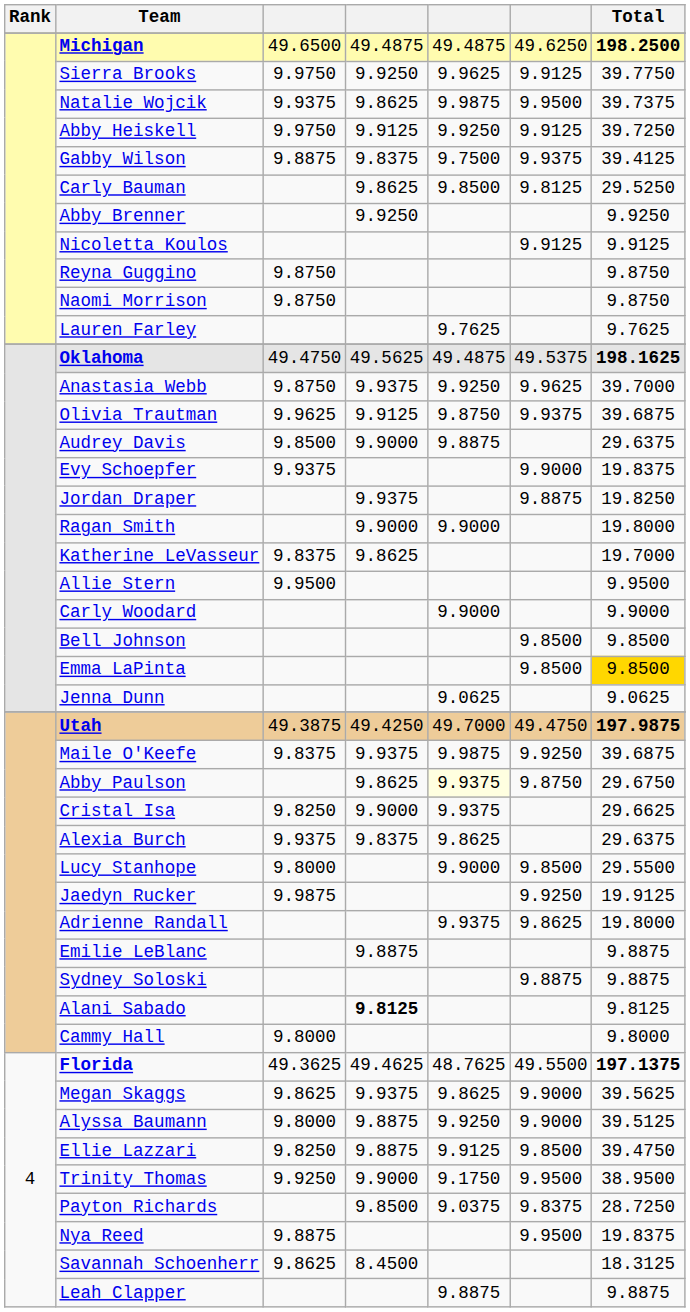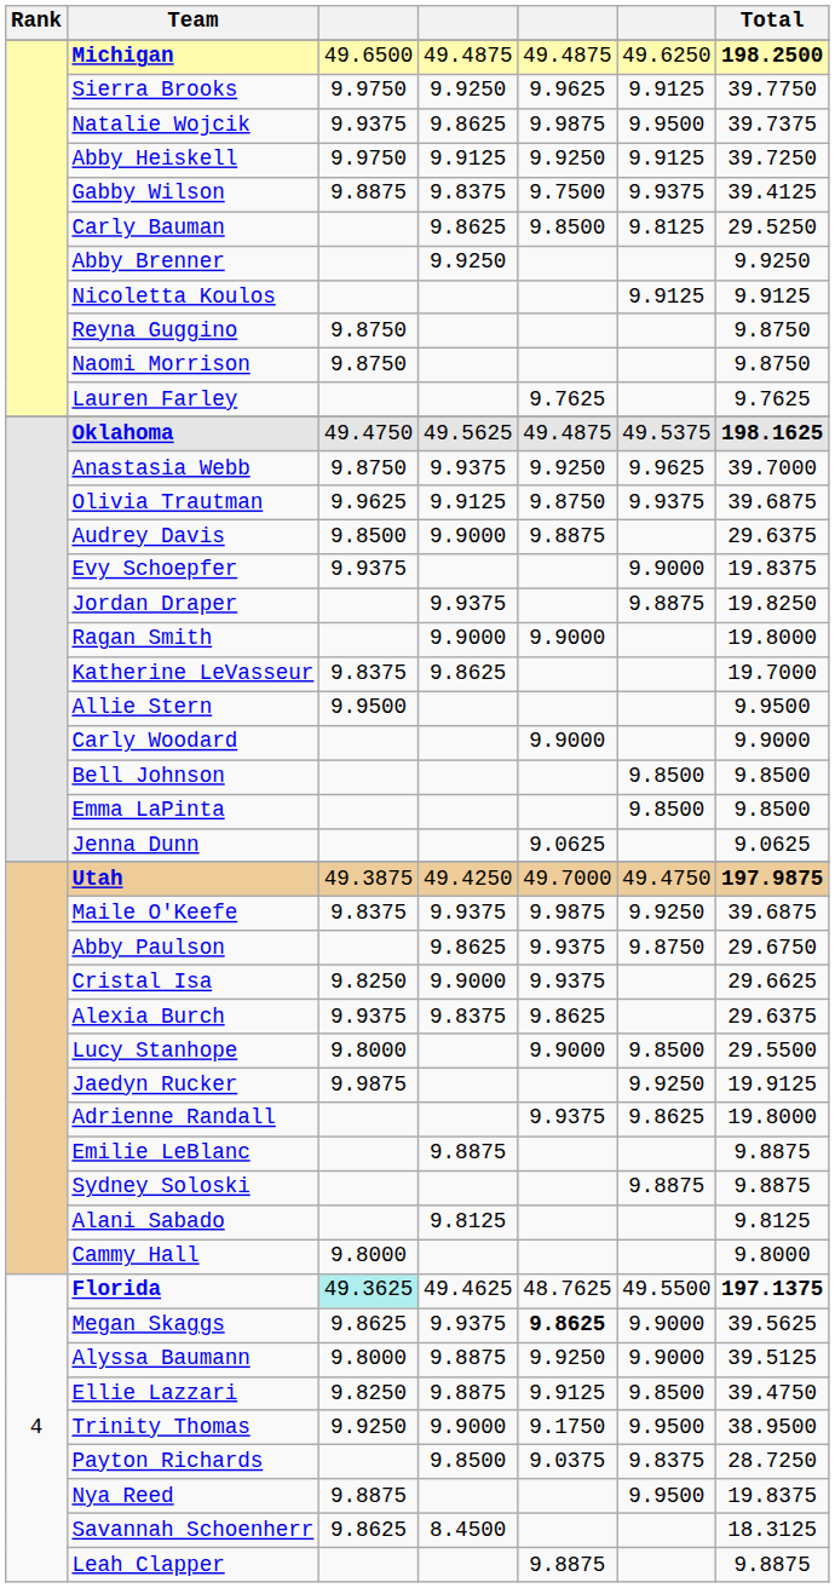 <table class="wikitable" style="text-align:center; font-size:95%">
 <tr>
 <th rowspan=1>Rank</th>
 <th rowspan=1>Team</th>
 <th colspan=1></th>
 <th colspan=1></th>
 <th colspan=1></th>
 <th colspan=1></th>
 <th rowspan=1>Total</th>
 </tr>
 <tr>
 </tr>
 <tr style="background:#fffcaf;">
 <td rowspan="11"></td>
 <td style="text-align:left;"><strong><a href='#'>Michigan</a></strong></td>
 <td>49.6500</td>
 <td>49.4875</td>
 <td>49.4875</td>
 <td>49.6250</td>
 <td><strong>198.2500</strong></td>
 </tr>
 <tr>
 <td style="text-align:left;"><a href='#'>Sierra Brooks</a></td>
 <td>9.9750</td>
 <td>9.9250</td>
 <td>9.9625</td>
 <td>9.9125</td>
 <td>39.7750</td>
 </tr>
 <tr>
 <td style="text-align:left;"><a href='#'>Natalie Wojcik</a></td>
 <td>9.9375</td>
 <td>9.8625</td>
 <td>9.9875</td>
 <td>9.9500</td>
 <td>39.7375</td>
 </tr>
 <tr>
 <td style="text-align:left;"><a href='#'>Abby Heiskell</a></td>
 <td>9.9750</td>
 <td>9.9125</td>
 <td>9.9250</td>
 <td>9.9125</td>
 <td>39.7250</td>
 </tr>
 <tr>
 <td style="text-align:left;"><a href='#'>Gabby Wilson</a></td>
 <td>9.8875</td>
 <td>9.8375</td>
 <td>9.7500</td>
 <td>9.9375</td>
 <td>39.4125</td>
 </tr>
 <tr>
 <td style="text-align:left;"><a href='#'>Carly Bauman</a></td>
 <td></td>
 <td>9.8625</td>
 <td>9.8500</td>
 <td>9.8125</td>
 <td>29.5250</td>
 </tr>
 <tr>
 <td style="text-align:left;"><a href='#'>Abby Brenner</a></td>
 <td></td>
 <td>9.9250</td>
 <td></td>
 <td></td>
 <td>9.9250</td>
 </tr>
 <tr>
 <td style="text-align:left;"><a href='#'>Nicoletta Koulos</a></td>
 <td></td>
 <td></td>
 <td></td>
 <td>9.9125</td>
 <td>9.9125</td>
 </tr>
 <tr>
 <td style="text-align:left;"><a href='#'>Reyna Guggino</a></td>
 <td>9.8750</td>
 <td></td>
 <td></td>
 <td></td>
 <td>9.8750</td>
 </tr>
 <tr>
 <td style="text-align:left;"><a href='#'>Naomi Morrison</a></td>
 <td>9.8750</td>
 <td></td>
 <td></td>
 <td></td>
 <td>9.8750</td>
 </tr>
 <tr>
 <td style="text-align:left;"><a href='#'>Lauren Farley</a></td>
 <td></td>
 <td></td>
 <td>9.7625</td>
 <td></td>
 <td>9.7625</td>
 </tr>
 <tr>
 </tr>
 <tr style="background:#e5e5e5;">
 <td rowspan="13"></td>
 <td style="text-align:left;"><strong><a href='#'>Oklahoma</a></strong></td>
 <td>49.4750</td>
 <td>49.5625</td>
 <td>49.4875</td>
 <td>49.5375</td>
 <td><strong>198.1625</strong></td>
 </tr>
 <tr>
 <td style="text-align:left;"><a href='#'>Anastasia Webb</a></td>
 <td>9.8750</td>
 <td>9.9375</td>
 <td>9.9250</td>
 <td>9.9625</td>
 <td>39.7000</td>
 </tr>
 <tr>
 <td style="text-align:left;"><a href='#'>Olivia Trautman</a></td>
 <td>9.9625</td>
 <td>9.9125</td>
 <td>9.8750</td>
 <td>9.9375</td>
 <td>39.6875</td>
 </tr>
 <tr>
 <td style="text-align:left;"><a href='#'>Audrey Davis</a></td>
 <td>9.8500</td>
 <td>9.9000</td>
 <td>9.8875</td>
 <td></td>
 <td>29.6375</td>
 </tr>
 <tr>
 <td style="text-align:left;"><a href='#'>Evy Schoepfer</a></td>
 <td>9.9375</td>
 <td></td>
 <td></td>
 <td>9.9000</td>
 <td>19.8375</td>
 </tr>
 <tr>
 <td style="text-align:left;"><a href='#'>Jordan Draper</a></td>
 <td></td>
 <td>9.9375</td>
 <td></td>
 <td>9.8875</td>
 <td>19.8250</td>
 </tr>
 <tr>
 <td style="text-align:left;"><a href='#'>Ragan Smith</a></td>
 <td></td>
 <td>9.9000</td>
 <td>9.9000</td>
 <td></td>
 <td>19.8000</td>
 </tr>
 <tr>
 <td style="text-align:left;"><a href='#'>Katherine LeVasseur</a></td>
 <td>9.8375</td>
 <td>9.8625</td>
 <td></td>
 <td></td>
 <td>19.7000</td>
 </tr>
 <tr>
 <td style="text-align:left;"><a href='#'>Allie Stern</a></td>
 <td>9.9500</td>
 <td></td>
 <td></td>
 <td></td>
 <td>9.9500</td>
 </tr>
 <tr>
 <td style="text-align:left;"><a href='#'>Carly Woodard</a></td>
 <td></td>
 <td></td>
 <td>9.9000</td>
 <td></td>
 <td>9.9000</td>
 </tr>
 <tr>
 <td style="text-align:left;"><a href='#'>Bell Johnson</a></td>
 <td></td>
 <td></td>
 <td></td>
 <td>9.8500</td>
 <td>9.8500</td>
 </tr>
 <tr>
 <td style="text-align:left;"><a href='#'>Emma LaPinta</a></td>
 <td></td>
 <td></td>
 <td></td>
 <td>9.8500</td>
-<td style="background: gold;">9.8500</td>
+<td>9.8500</td>
 </tr>
 <tr>
 <td style="text-align:left;"><a href='#'>Jenna Dunn</a></td>
 <td></td>
 <td></td>
 <td>9.0625</td>
 <td></td>
 <td>9.0625</td>
 </tr>
 <tr>
 </tr>
 <tr style="background:#ec9;">
 <td rowspan="12"></td>
 <td style="text-align:left;"><strong><a href='#'>Utah</a></strong></td>
 <td>49.3875</td>
 <td>49.4250</td>
 <td>49.7000</td>
 <td>49.4750</td>
 <td><strong>197.9875</strong></td>
 </tr>
 <tr>
 <td style="text-align:left;"><a href='#'>Maile O'Keefe</a></td>
 <td>9.8375</td>
 <td>9.9375</td>
 <td>9.9875</td>
 <td>9.9250</td>
 <td>39.6875</td>
 </tr>
 <tr>
 <td style="text-align:left;"><a href='#'>Abby Paulson</a></td>
 <td></td>
 <td>9.8625</td>
-<td style="background: lightyellow;">9.9375</td>
+<td>9.9375</td>
 <td>9.8750</td>
 <td>29.6750</td>
 </tr>
 <tr>
 <td style="text-align:left;"><a href='#'>Cristal Isa</a></td>
 <td>9.8250</td>
 <td>9.9000</td>
 <td>9.9375</td>
 <td></td>
 <td>29.6625</td>
 </tr>
 <tr>
 <td style="text-align:left;"><a href='#'>Alexia Burch</a></td>
 <td>9.9375</td>
 <td>9.8375</td>
 <td>9.8625</td>
 <td></td>
 <td>29.6375</td>
 </tr>
 <tr>
 <td style="text-align:left;"><a href='#'>Lucy Stanhope</a></td>
 <td>9.8000</td>
 <td></td>
 <td>9.9000</td>
 <td>9.8500</td>
 <td>29.5500</td>
 </tr>
 <tr>
 <td style="text-align:left;"><a href='#'>Jaedyn Rucker</a></td>
 <td>9.9875</td>
 <td></td>
 <td></td>
 <td>9.9250</td>
 <td>19.9125</td>
 </tr>
 <tr>
 <td style="text-align:left;"><a href='#'>Adrienne Randall</a></td>
 <td></td>
 <td></td>
 <td>9.9375</td>
 <td>9.8625</td>
 <td>19.8000</td>
 </tr>
 <tr>
 <td style="text-align:left;"><a href='#'>Emilie LeBlanc</a></td>
 <td></td>
 <td>9.8875</td>
 <td></td>
 <td></td>
 <td>9.8875</td>
 </tr>
 <tr>
 <td style="text-align:left;"><a href='#'>Sydney Soloski</a></td>
 <td></td>
 <td></td>
 <td></td>
 <td>9.8875</td>
 <td>9.8875</td>
 </tr>
 <tr>
 <td style="text-align:left;"><a href='#'>Alani Sabado</a></td>
 <td></td>
-<td><strong>9.8125</strong></td>
+<td>9.8125</td>
 <td></td>
 <td></td>
 <td>9.8125</td>
 </tr>
 <tr>
 <td style="text-align:left;"><a href='#'>Cammy Hall</a></td>
 <td>9.8000</td>
 <td></td>
 <td></td>
 <td></td>
 <td>9.8000</td>
 </tr>
 <tr>
 <td rowspan="9">4</td>
 <td style="text-align:left;"><strong><a href='#'>Florida</a></strong></td>
-<td>49.3625</td>
+<td style="background: paleturquoise;">49.3625</td>
 <td>49.4625</td>
 <td>48.7625</td>
 <td>49.5500</td>
 <td><strong>197.1375</strong></td>
 </tr>
 <tr>
 <td style="text-align:left;"><a href='#'>Megan Skaggs</a></td>
 <td>9.8625</td>
 <td>9.9375</td>
-<td>9.8625</td>
+<td><strong>9.8625</strong></td>
 <td>9.9000</td>
 <td>39.5625</td>
 </tr>
 <tr>
 <td style="text-align:left;"><a href='#'>Alyssa Baumann</a></td>
 <td>9.8000</td>
 <td>9.8875</td>
 <td>9.9250</td>
 <td>9.9000</td>
 <td>39.5125</td>
 </tr>
 <tr>
 <td style="text-align:left;"><a href='#'>Ellie Lazzari</a></td>
 <td>9.8250</td>
 <td>9.8875</td>
 <td>9.9125</td>
 <td>9.8500</td>
 <td>39.4750</td>
 </tr>
 <tr>
 <td style="text-align:left;"><a href='#'>Trinity Thomas</a></td>
 <td>9.9250</td>
 <td>9.9000</td>
 <td>9.1750</td>
 <td>9.9500</td>
 <td>38.9500</td>
 </tr>
 <tr>
 <td style="text-align:left;"><a href='#'>Payton Richards</a></td>
 <td></td>
 <td>9.8500</td>
 <td>9.0375</td>
 <td>9.8375</td>
 <td>28.7250</td>
 </tr>
 <tr>
 <td style="text-align:left;"><a href='#'>Nya Reed</a></td>
 <td>9.8875</td>
 <td></td>
 <td></td>
 <td>9.9500</td>
 <td>19.8375</td>
 </tr>
 <tr>
 <td style="text-align:left;"><a href='#'>Savannah Schoenherr</a></td>
 <td>9.8625</td>
 <td>8.4500</td>
 <td></td>
 <td></td>
 <td>18.3125</td>
 </tr>
 <tr>
 <td style="text-align:left;"><a href='#'>Leah Clapper</a></td>
 <td></td>
 <td></td>
 <td>9.8875</td>
 <td></td>
 <td>9.8875</td>
 </tr>
 </table>
